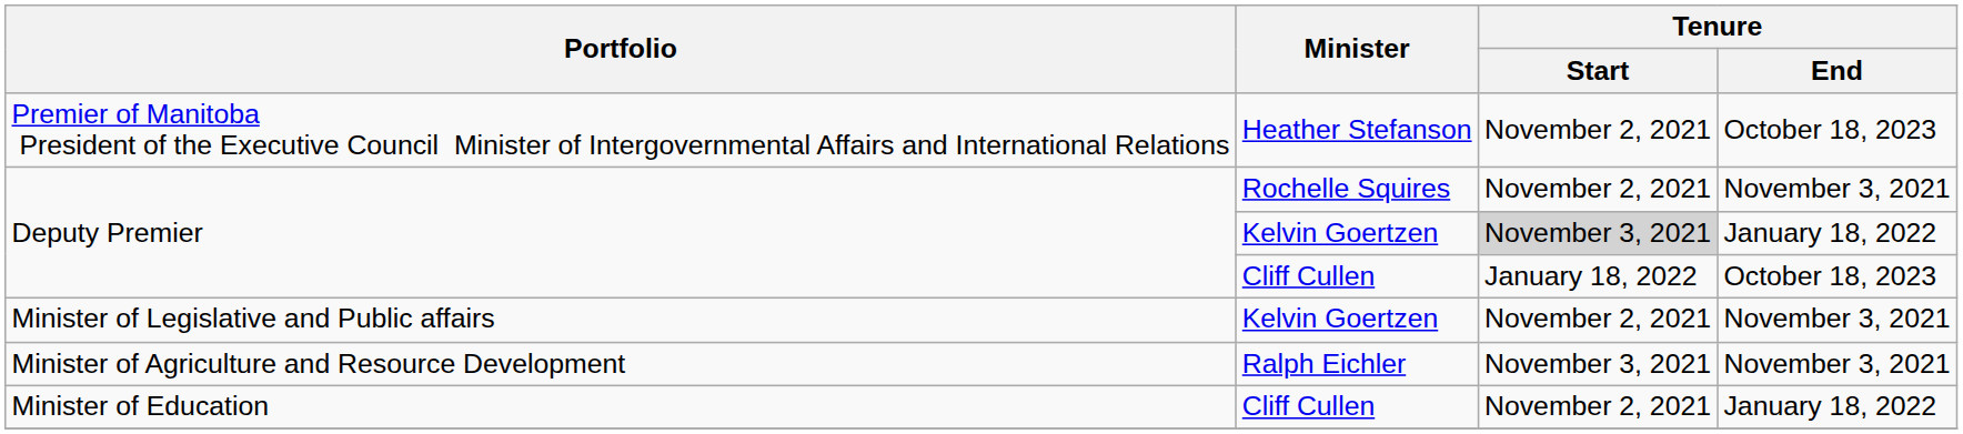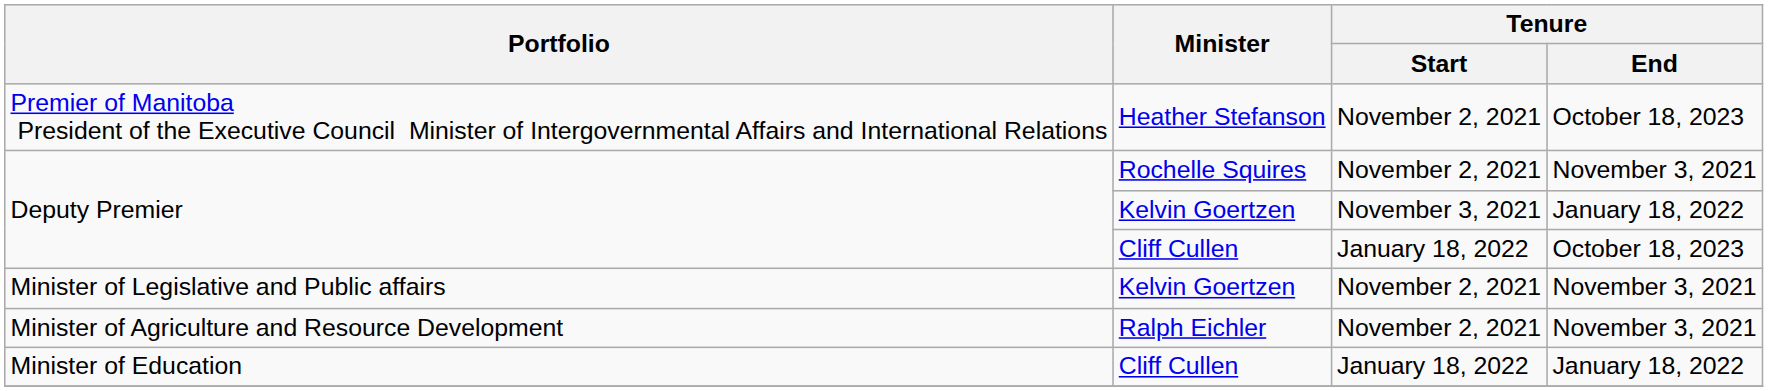 <table class="wikitable">
 <tr>
 <th rowspan="2">Portfolio</th>
 <th rowspan="2">Minister</th>
 <th colspan="2">Tenure</th>
 </tr>
 <tr>
 <th>Start</th>
 <th>End</th>
 </tr>
 <tr>
 <td><a href='#'>Premier of Manitoba</a><br> President of the Executive Council  Minister of Intergovernmental Affairs and International Relations</td>
 <td><a href='#'>Heather Stefanson</a></td>
 <td>November 2, 2021</td>
 <td>October 18, 2023</td>
 </tr>
 <tr>
 <td rowspan="3">Deputy Premier</td>
 <td><a href='#'>Rochelle Squires</a></td>
 <td>November 2, 2021</td>
 <td>November 3, 2021</td>
 </tr>
 <tr>
 <td><a href='#'>Kelvin Goertzen</a></td>
-<td style="background: lightgrey;">November 3, 2021</td>
+<td>November 3, 2021</td>
 <td>January 18, 2022</td>
 </tr>
 <tr>
 <td><a href='#'>Cliff Cullen</a></td>
 <td>January 18, 2022</td>
 <td>October 18, 2023</td>
 </tr>
 <tr>
 <td>Minister of Legislative and Public affairs</td>
 <td><a href='#'>Kelvin Goertzen</a></td>
 <td>November 2, 2021</td>
 <td>November 3, 2021</td>
 </tr>
 <tr>
 <td>Minister of Agriculture and Resource Development</td>
 <td><a href='#'>Ralph Eichler</a></td>
-<td>November 3, 2021</td>
+<td>November 2, 2021</td>
 <td>November 3, 2021</td>
 </tr>
 <tr>
 <td>Minister of Education</td>
 <td><a href='#'>Cliff Cullen</a></td>
-<td>November 2, 2021</td>
+<td>January 18, 2022</td>
 <td>January 18, 2022</td>
 </tr>
 <tr>
 </tr>
 </table>
